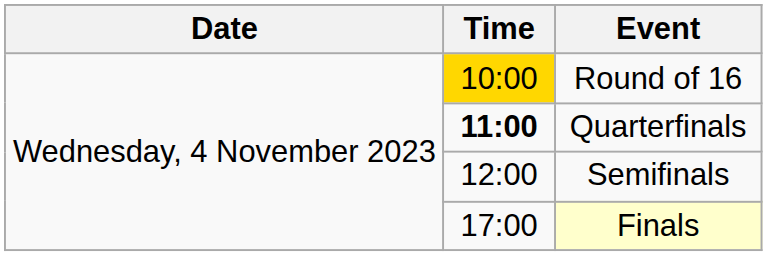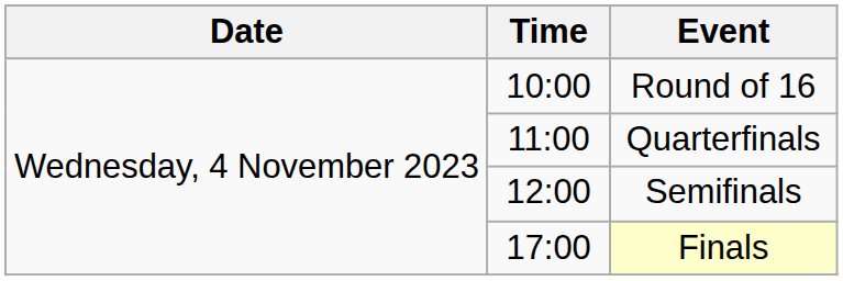 <table class = "wikitable" style="text-align:center;">
 <tr>
 <th width=220>Date</th>
 <th width=50>Time</th>
 <th width=100>Event</th>
 </tr>
 <tr>
 <td rowspan=5>Wednesday, 4 November 2023</td>
-<td style="background: gold;">10:00</td>
+<td>10:00</td>
 <td>Round of 16</td>
 </tr>
 <tr>
-<td><strong>11:00</strong></td>
+<td>11:00</td>
 <td>Quarterfinals</td>
 </tr>
 <tr>
 <td>12:00</td>
 <td>Semifinals</td>
 </tr>
 <tr>
 <td>17:00</td>
 <td bgcolor=ffffcc>Finals</td>
 </tr>
 </table>
